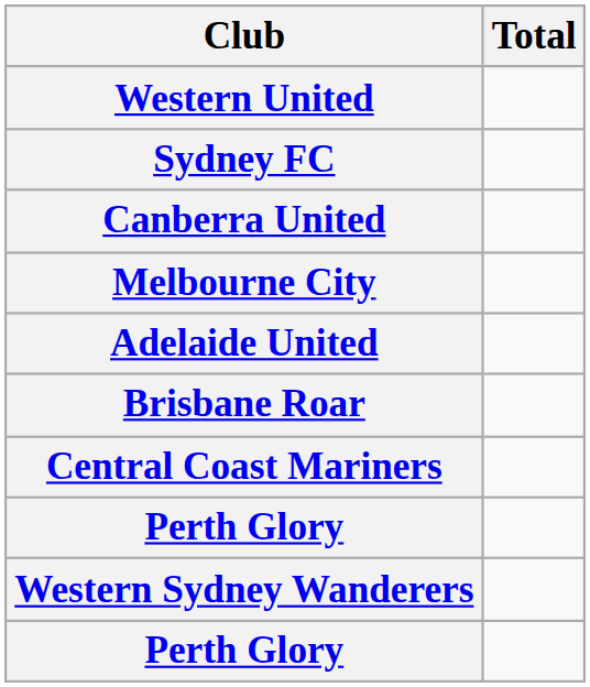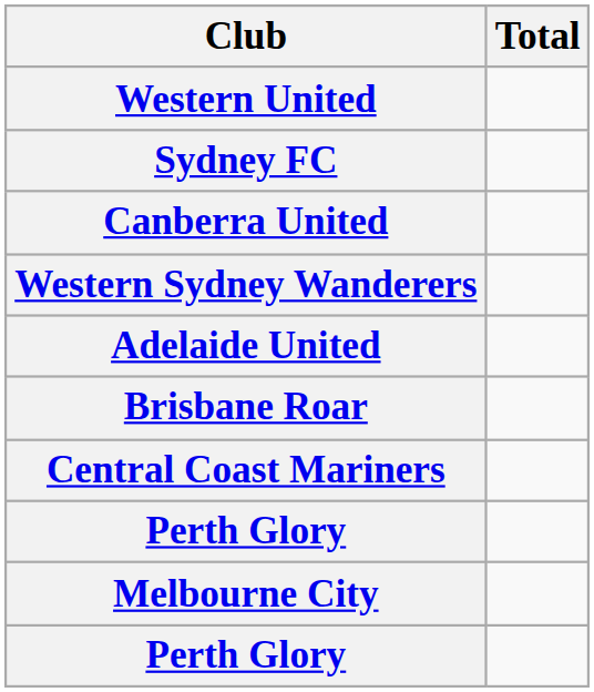 <table class="sortable wikitable plainrowheaders">
 <tr>
 <th scope="col">Club</th>
 <th scope="col">Total</th>
 </tr>
 <tr>
 <th scope="row"><a href='#'>Western United</a></th>
 <td align="center"></td>
 </tr>
 <tr>
 <th scope="row"><a href='#'>Sydney FC</a></th>
 <td align="center"></td>
 </tr>
 <tr>
 <th scope="row"><a href='#'>Canberra United</a></th>
 <td align="center"></td>
 </tr>
 <tr>
-<th scope="row"><a href='#'>Melbourne City</a></th>
+<th scope="row"><a href='#'>Western Sydney Wanderers</a></th>
 <td align="center"></td>
 </tr>
 <tr>
 <th scope="row"><a href='#'>Adelaide United</a></th>
 <td align="center"></td>
 </tr>
 <tr>
 <th scope="row"><a href='#'>Brisbane Roar</a></th>
 <td align="center"></td>
 </tr>
 <tr>
 <th scope="row"><a href='#'>Central Coast Mariners</a></th>
 <td align="center"></td>
 </tr>
 <tr>
 <th scope="row"><a href='#'>Perth Glory</a></th>
 <td align="center"></td>
 </tr>
 <tr>
-<th scope="row"><a href='#'>Western Sydney Wanderers</a></th>
+<th scope="row"><a href='#'>Melbourne City</a></th>
 <td align="center"></td>
 </tr>
 <tr>
 <th scope="row"><a href='#'>Perth Glory</a></th>
 <td align="center"></td>
 </tr>
 </table>
